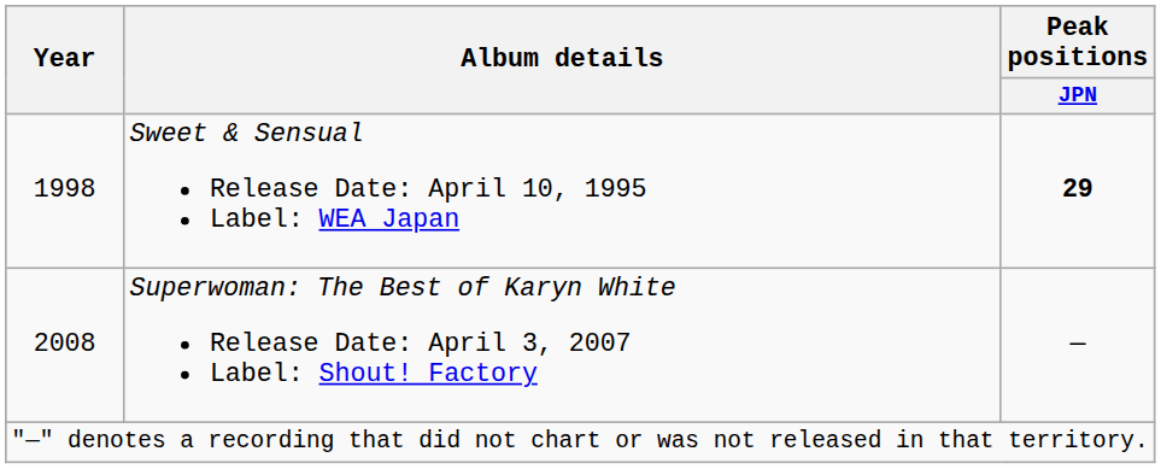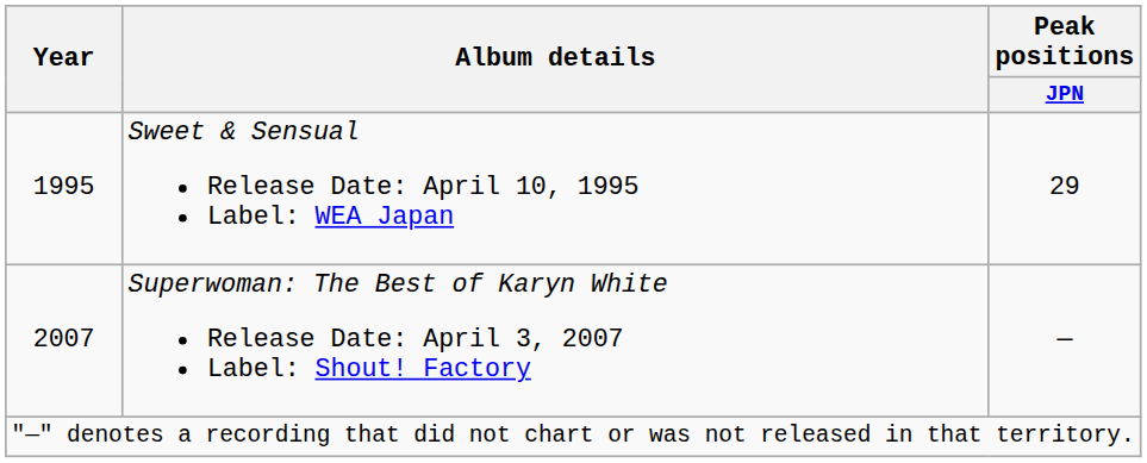 <table class="wikitable" style="text-align:center;">
 <tr>
 <th rowspan="2">Year</th>
 <th rowspan="2">Album details</th>
 <th colspan="1">Peak positions</th>
 </tr>
 <tr style="font-size:smaller;">
 <th width="30"><a href='#'>JPN</a><br></th>
 </tr>
 <tr>
-<td rowspan="1">1998</td>
+<td rowspan="1">1995</td>
 <td align="left"><em>Sweet & Sensual</em><br><ul><li>Release Date: April 10, 1995</li><li>Label: <a href='#'>WEA Japan</a></li></ul></td>
-<td><strong>29</strong></td>
+<td>29</td>
 </tr>
 <tr>
-<td rowspan="1">2008</td>
+<td rowspan="1">2007</td>
 <td align="left"><em>Superwoman: The Best of Karyn White</em><br><ul><li>Release Date: April 3, 2007</li><li>Label: <a href='#'>Shout! Factory</a></li></ul></td>
 <td>—</td>
 </tr>
 <tr>
 <td colspan="15" style="font-size:90%">"—" denotes a recording that did not chart or was not released in that territory.</td>
 </tr>
 </table>
